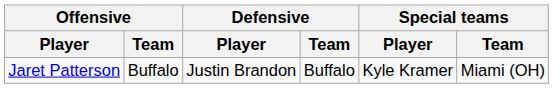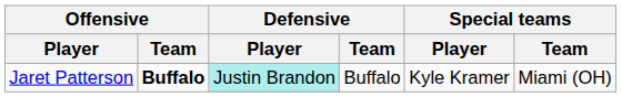 <table class="wikitable" style="display: inline-table;">
 <tr>
 <th colspan="2">Offensive</th>
 <th colspan="2">Defensive</th>
 <th colspan="2">Special teams</th>
 </tr>
 <tr>
 <th>Player</th>
 <th>Team</th>
 <th>Player</th>
 <th>Team</th>
 <th>Player</th>
 <th>Team</th>
 </tr>
 <tr>
 <td><a href='#'>Jaret Patterson</a></td>
-<td>Buffalo</td>
-<td>Justin Brandon</td>
+<td><strong>Buffalo</strong></td>
+<td style="background: paleturquoise;">Justin Brandon</td>
 <td>Buffalo</td>
 <td>Kyle Kramer</td>
 <td>Miami (OH)</td>
 </tr>
 </table>
